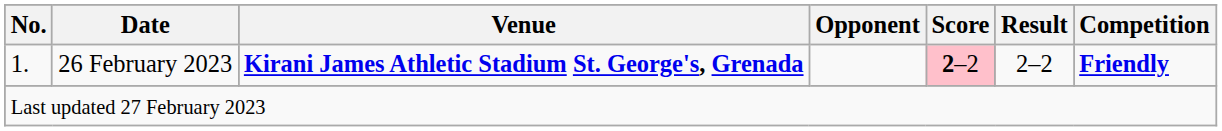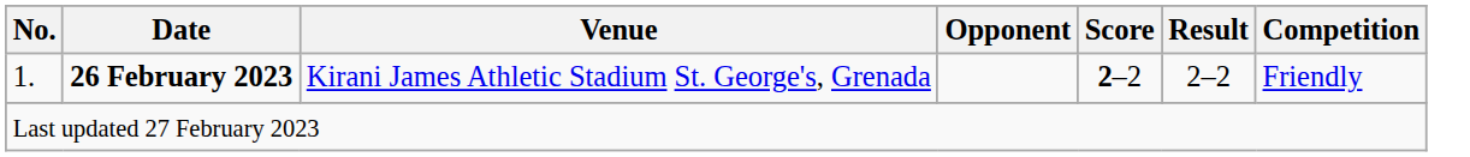 <table class="wikitable" style="font-size:85%;">
 <tr>
 <th>No.</th>
 <th>Date</th>
 <th>Venue</th>
 <th>Opponent</th>
 <th>Score</th>
 <th>Result</th>
 <th>Competition</th>
 </tr>
 <tr>
 <td>1.</td>
-<td>26 February 2023</td>
-<td><strong><a href='#'>Kirani James Athletic Stadium</a> <a href='#'>St. George's</a>, <a href='#'>Grenada</a></strong></td>
+<td><strong>26 February 2023</strong></td>
+<td><a href='#'>Kirani James Athletic Stadium</a> <a href='#'>St. George's</a>, <a href='#'>Grenada</a></td>
 <td></td>
-<td style="background: pink; text-align: center;"><strong>2</strong>–2</td>
+<td style="text-align: center;"><strong>2</strong>–2</td>
 <td style="text-align: center;">2–2</td>
-<td><strong><a href='#'>Friendly</a></strong></td>
+<td><a href='#'>Friendly</a></td>
 </tr>
 <tr>
 <td colspan="7"><small>Last updated 27 February 2023</small></td>
 </tr>
 </table>
